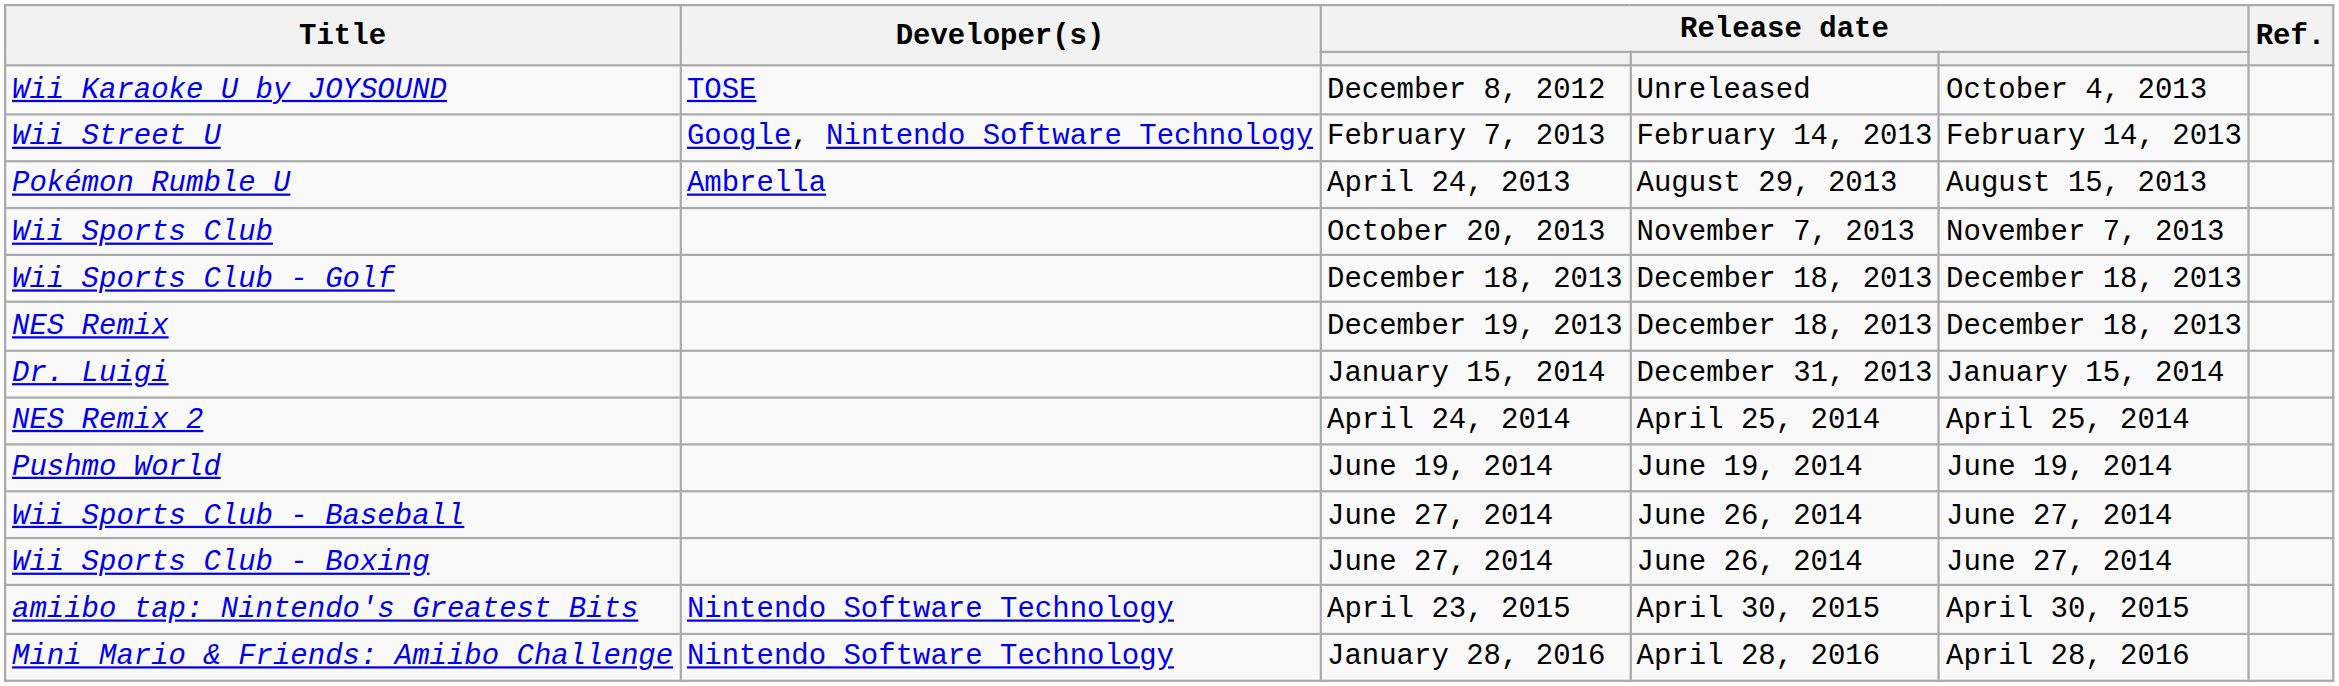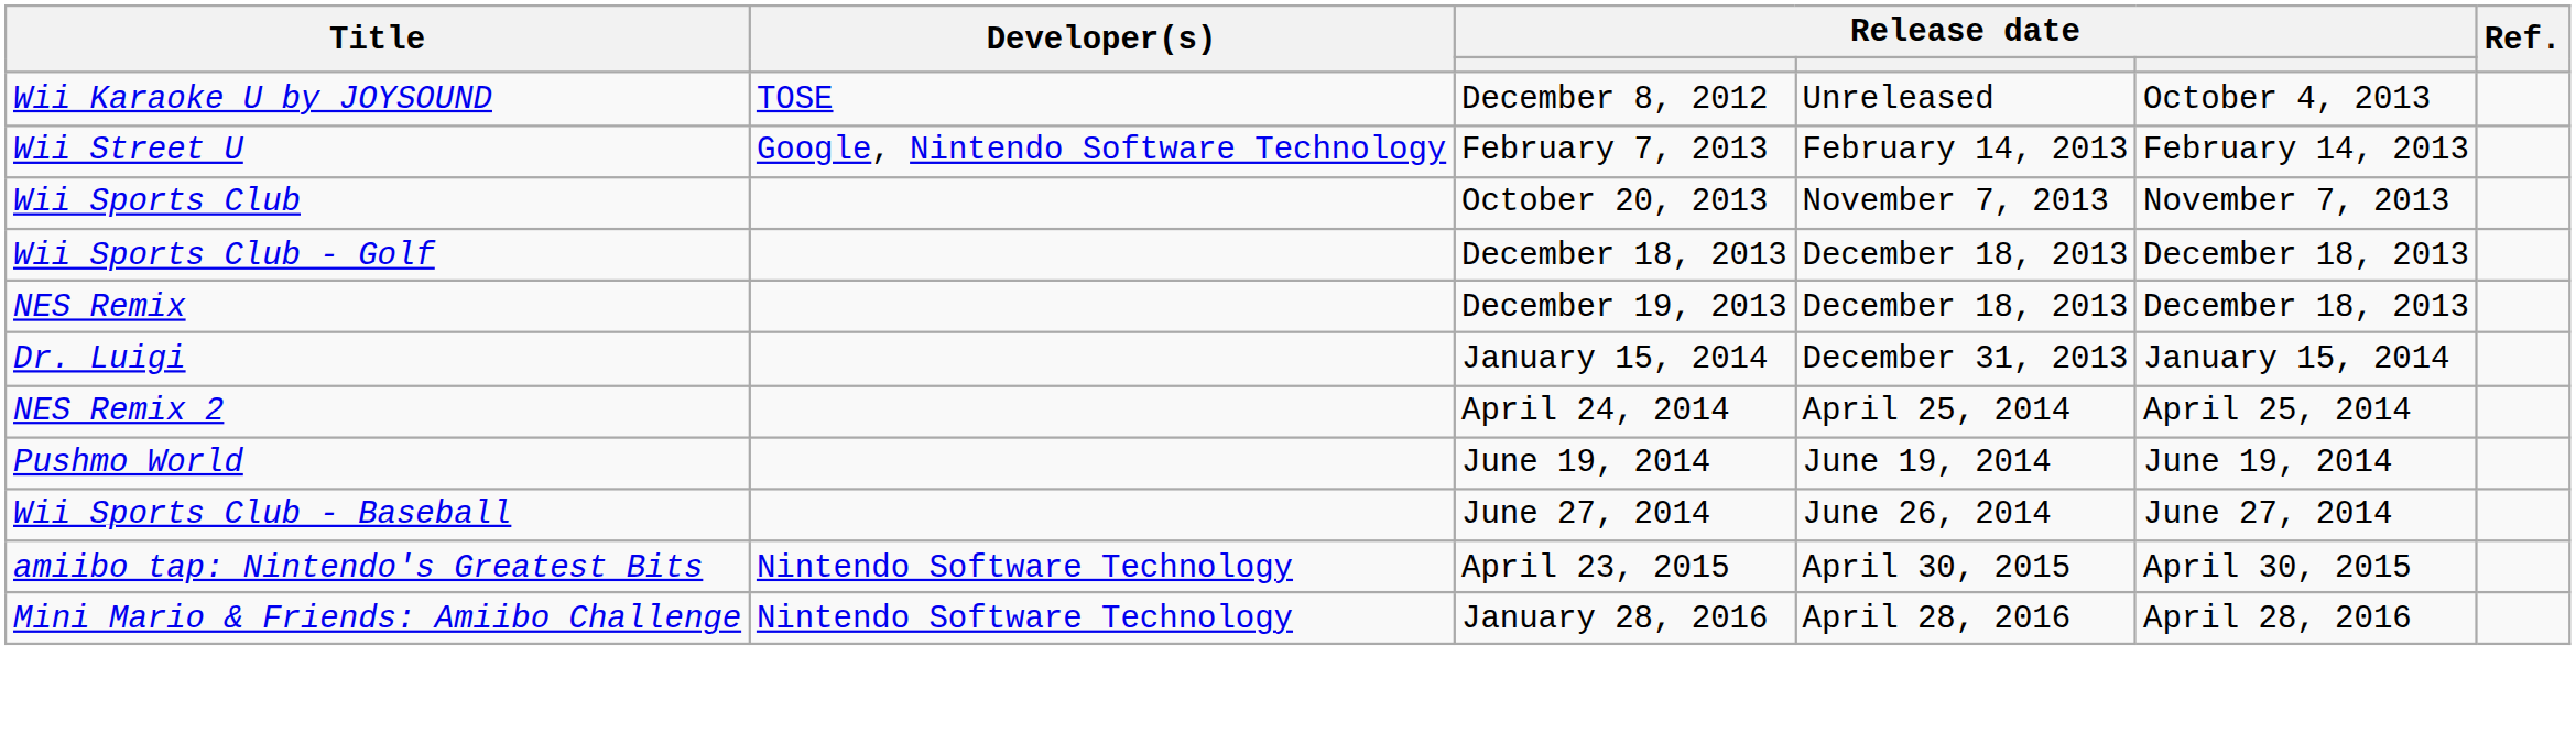 <table class="wikitable plainrowheaders sortable">
 <tr>
 <th rowspan="2">Title</th>
 <th rowspan="2">Developer(s)</th>
 <th colspan="3">Release date</th>
 <th rowspan="2" class="unsortable">Ref.</th>
 </tr>
 <tr>
 <th data-sort-type="date"></th>
 <th data-sort-type="date"></th>
 <th data-sort-type="date"></th>
 </tr>
 <tr>
 <td><em><a href='#'>Wii Karaoke U by JOYSOUND</a></em></td>
 <td><a href='#'>TOSE</a></td>
 <td>December 8, 2012</td>
 <td>Unreleased</td>
 <td>October 4, 2013</td>
 <td></td>
 </tr>
 <tr>
 <td><em><a href='#'>Wii Street U</a></em></td>
 <td><a href='#'>Google</a>, <a href='#'>Nintendo Software Technology</a></td>
 <td>February 7, 2013</td>
 <td>February 14, 2013</td>
 <td>February 14, 2013</td>
-<td></td>
-</tr>
-<tr>
-<td><em><a href='#'>Pokémon Rumble U</a></em></td>
-<td><a href='#'>Ambrella</a></td>
-<td>April 24, 2013</td>
-<td>August 29, 2013</td>
-<td>August 15, 2013</td>
 <td></td>
 </tr>
 <tr>
 <td><em><a href='#'>Wii Sports Club</a></em></td>
 <td></td>
 <td>October 20, 2013</td>
 <td>November 7, 2013</td>
 <td>November 7, 2013</td>
 <td></td>
 </tr>
 <tr>
 <td><em><a href='#'>Wii Sports Club - Golf</a></em></td>
 <td></td>
 <td>December 18, 2013</td>
 <td>December 18, 2013</td>
 <td>December 18, 2013</td>
 <td></td>
 </tr>
 <tr>
 <td><em><a href='#'>NES Remix</a></em></td>
 <td></td>
 <td>December 19, 2013</td>
 <td>December 18, 2013</td>
 <td>December 18, 2013</td>
 <td><br> </td>
 </tr>
 <tr>
 <td><em><a href='#'>Dr. Luigi</a></em></td>
 <td></td>
 <td>January 15, 2014</td>
 <td>December 31, 2013</td>
 <td>January 15, 2014</td>
 <td><br> </td>
 </tr>
 <tr>
 <td><em><a href='#'>NES Remix 2</a></em></td>
 <td></td>
 <td>April 24, 2014</td>
 <td>April 25, 2014</td>
 <td>April 25, 2014</td>
 <td><br> </td>
 </tr>
 <tr>
 <td><em><a href='#'>Pushmo World</a></em></td>
 <td></td>
 <td>June 19, 2014</td>
 <td>June 19, 2014</td>
 <td>June 19, 2014</td>
 <td><br> </td>
 </tr>
 <tr>
 <td><em><a href='#'>Wii Sports Club - Baseball</a></em></td>
 <td></td>
 <td>June 27, 2014</td>
 <td>June 26, 2014</td>
 <td>June 27, 2014</td>
 <td></td>
 </tr>
 <tr>
-<td><em><a href='#'>Wii Sports Club - Boxing</a></em></td>
-<td></td>
-<td>June 27, 2014</td>
-<td>June 26, 2014</td>
-<td>June 27, 2014</td>
-<td></td>
-</tr>
-<tr>
 <td><em><a href='#'>amiibo tap: Nintendo's Greatest Bits</a></em></td>
 <td><a href='#'>Nintendo Software Technology</a></td>
 <td>April 23, 2015</td>
 <td>April 30, 2015</td>
 <td>April 30, 2015</td>
 <td><br> </td>
 </tr>
 <tr>
 <td><em><a href='#'>Mini Mario & Friends: Amiibo Challenge</a></em></td>
 <td><a href='#'>Nintendo Software Technology</a></td>
 <td>January 28, 2016</td>
 <td>April 28, 2016</td>
 <td>April 28, 2016</td>
 <td><br> </td>
 </tr>
 </table>
